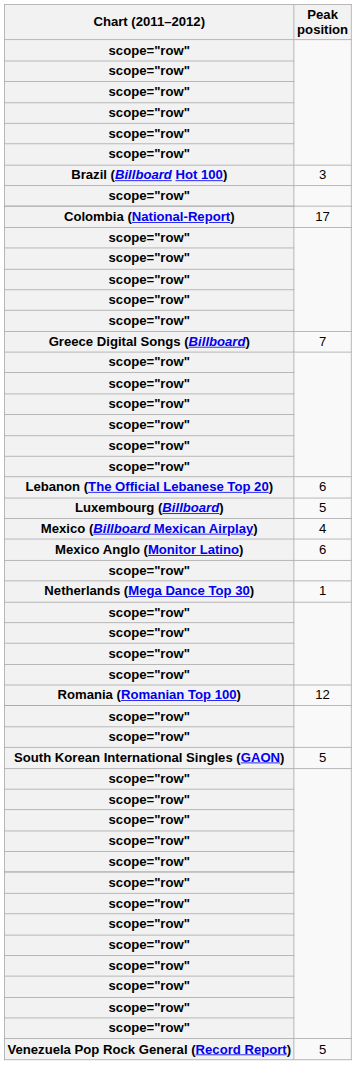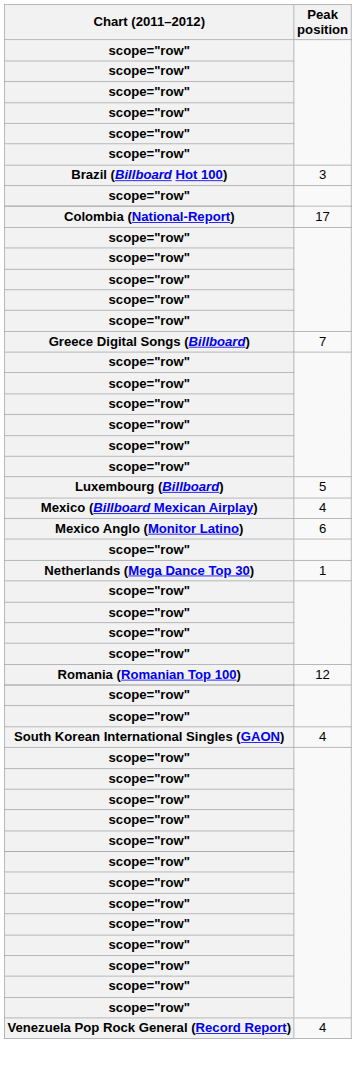 <table class="wikitable sortable plainrowheaders" style="text-align:center;">
 <tr>
 <th scope="col">Chart (2011–2012)</th>
 <th scope="col">Peak<br>position</th>
 </tr>
 <tr>
 <th>scope="row" </th>
 </tr>
 <tr>
 <th>scope="row" </th>
 </tr>
 <tr>
 <th>scope="row" </th>
 </tr>
 <tr>
 <th>scope="row" </th>
 </tr>
 <tr>
 <th>scope="row" </th>
 </tr>
 <tr>
 <th>scope="row" </th>
 </tr>
 <tr>
 <th scope="row">Brazil (<em><a href='#'>Billboard</a></em> <a href='#'>Hot 100</a>)</th>
 <td>3</td>
 </tr>
 <tr>
 <th>scope="row" </th>
 </tr>
 <tr>
 </tr>
 <tr>
 <th scope="row">Colombia (<a href='#'>National-Report</a>)</th>
 <td>17</td>
 </tr>
 <tr>
 <th>scope="row" </th>
 </tr>
 <tr>
 <th>scope="row" </th>
 </tr>
 <tr>
 <th>scope="row" </th>
 </tr>
 <tr>
 <th>scope="row" </th>
 </tr>
 <tr>
 <th>scope="row" </th>
 </tr>
 <tr>
 <th scope="row">Greece Digital Songs (<em><a href='#'>Billboard</a></em>)</th>
 <td style="text-align:center;">7</td>
 </tr>
 <tr>
 <th>scope="row" </th>
 </tr>
 <tr>
 <th>scope="row" </th>
 </tr>
 <tr>
 <th>scope="row" </th>
 </tr>
 <tr>
 <th>scope="row" </th>
 </tr>
 <tr>
 <th>scope="row" </th>
 </tr>
 <tr>
 <th>scope="row" </th>
 </tr>
 <tr>
-<th scope="row">Lebanon (<a href='#'>The Official Lebanese Top 20</a>)</th>
-<td style="text-align:center;">6</td>
-</tr>
-<tr>
 <th scope="row">Luxembourg (<em><a href='#'>Billboard</a></em>)</th>
 <td style="text-align:center;">5</td>
 </tr>
 <tr>
 <th scope="row">Mexico (<a href='#'><em>Billboard</em> Mexican Airplay</a>)</th>
 <td>4</td>
 </tr>
 <tr>
 <th scope="row">Mexico Anglo (<a href='#'>Monitor Latino</a>)</th>
 <td>6</td>
 </tr>
 <tr>
 <th>scope="row" </th>
 </tr>
 <tr>
 <th scope="row">Netherlands (<a href='#'>Mega Dance Top 30</a>)</th>
 <td>1</td>
 </tr>
 <tr>
 <th>scope="row" </th>
 </tr>
 <tr>
 <th>scope="row" </th>
 </tr>
 <tr>
 <th>scope="row" </th>
 </tr>
 <tr>
 <th>scope="row" </th>
 </tr>
 <tr>
 <th scope="row">Romania (<a href='#'>Romanian Top 100</a>)</th>
 <td style="text-align:center;">12</td>
 </tr>
 <tr>
 </tr>
 <tr>
 <th>scope="row" </th>
 </tr>
 <tr>
 <th>scope="row" </th>
 </tr>
 <tr>
 <th scope="row">South Korean International Singles (<a href='#'>GAON</a>)</th>
-<td style="text-align:center;">5</td>
+<td style="text-align:center;">4</td>
 </tr>
 <tr>
 <th>scope="row" </th>
 </tr>
 <tr>
 <th>scope="row" </th>
 </tr>
 <tr>
 <th>scope="row" </th>
 </tr>
 <tr>
 <th>scope="row" </th>
 </tr>
 <tr>
 <th>scope="row" </th>
 </tr>
 <tr>
 </tr>
 <tr>
 <th>scope="row" </th>
 </tr>
 <tr>
 <th>scope="row" </th>
 </tr>
 <tr>
 <th>scope="row" </th>
 </tr>
 <tr>
 <th>scope="row" </th>
 </tr>
 <tr>
 <th>scope="row" </th>
 </tr>
 <tr>
 <th>scope="row" </th>
 </tr>
 <tr>
 <th>scope="row" </th>
 </tr>
 <tr>
 <th>scope="row" </th>
 </tr>
 <tr>
 <th scope="row">Venezuela Pop Rock General (<a href='#'>Record Report</a>)</th>
-<td>5</td>
+<td>4</td>
 </tr>
 </table>
